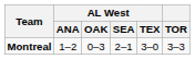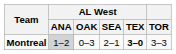 <table class="wikitable" style="text-align:center; font-size: 95%;">
 <tr>
 <th rowspan=2>Team</th>
 <th colspan=4>AL West</th>
 <th> </th>
 </tr>
 <tr>
 <th><strong>ANA</strong></th>
 <th><strong>OAK</strong></th>
 <th><strong>SEA</strong></th>
 <th><strong>TEX</strong></th>
 <th><strong>TOR</strong></th>
 </tr>
 <tr>
 <td><strong>Montreal</strong></td>
-<td>1–2</td>
+<td style="background: lightgrey;">1–2</td>
 <td>0–3</td>
 <td>2–1</td>
-<td>3–0</td>
+<td><strong>3–0</strong></td>
 <td>3–3</td>
 </tr>
 </table>
